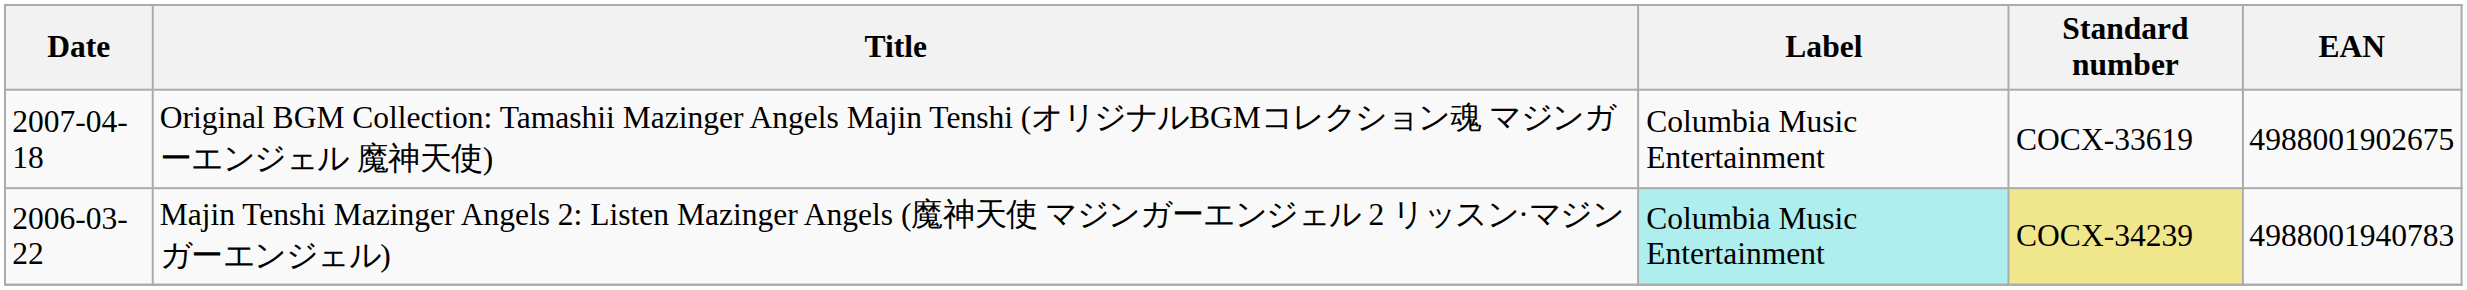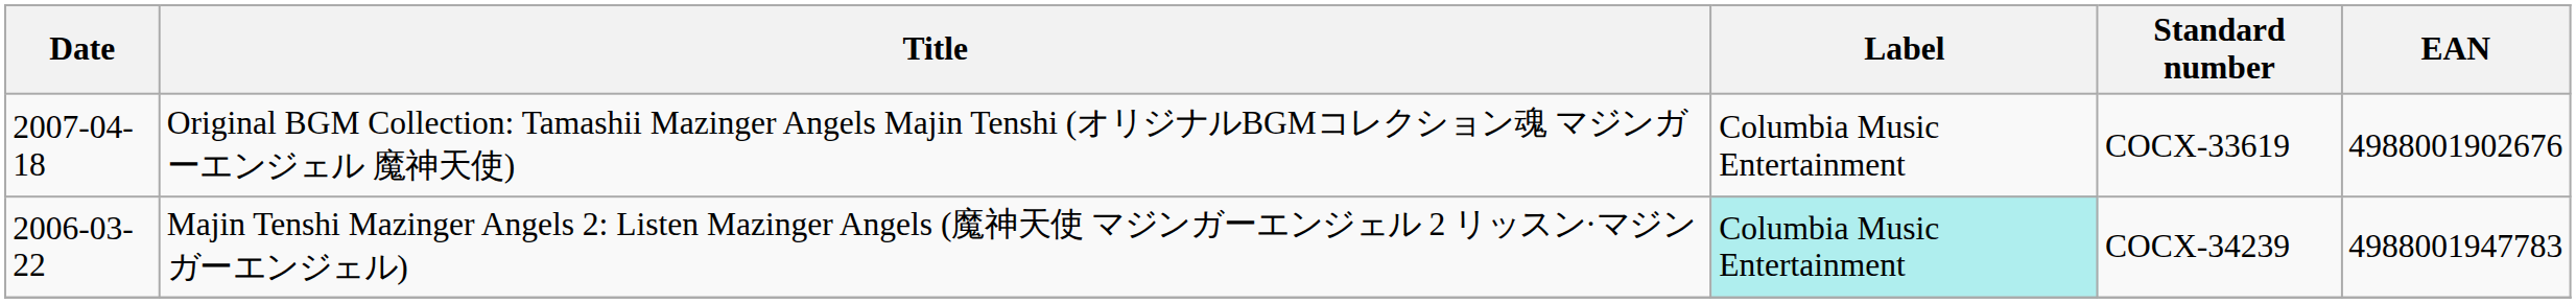 <table class="wikitable">
 <tr>
 <th>Date</th>
 <th>Title</th>
 <th>Label</th>
 <th>Standard number</th>
 <th>EAN</th>
 </tr>
 <tr>
 <td>2007-04-18</td>
 <td>Original BGM Collection: Tamashii Mazinger Angels Majin Tenshi (オリジナルBGMコレクション魂 マジンガーエンジェル 魔神天使)</td>
 <td>Columbia Music Entertainment</td>
 <td>COCX-33619</td>
-<td>4988001902675</td>
+<td>4988001902676</td>
 </tr>
 <tr>
 <td>2006-03-22</td>
 <td>Majin Tenshi Mazinger Angels 2: Listen Mazinger Angels (魔神天使 マジンガーエンジェル 2 リッスン·マジンガーエンジェル)</td>
 <td style="background: paleturquoise;">Columbia Music Entertainment</td>
-<td style="background: khaki;">COCX-34239</td>
-<td>4988001940783</td>
+<td>COCX-34239</td>
+<td>4988001947783</td>
 </tr>
 <tr>
 </tr>
 </table>
